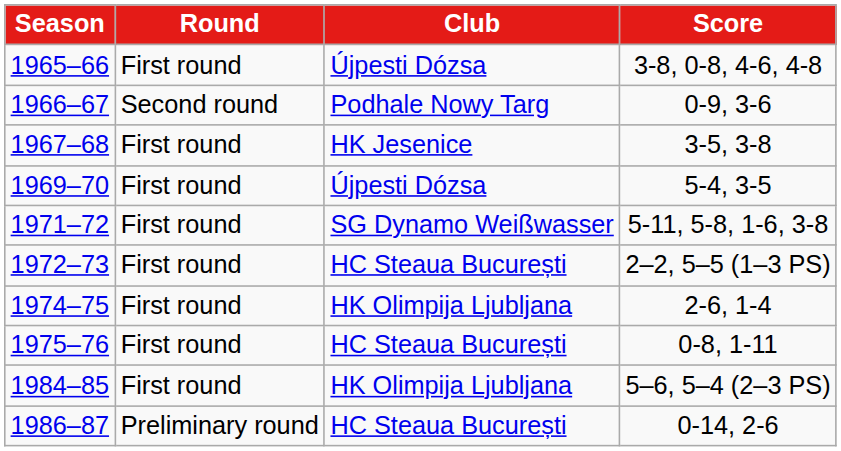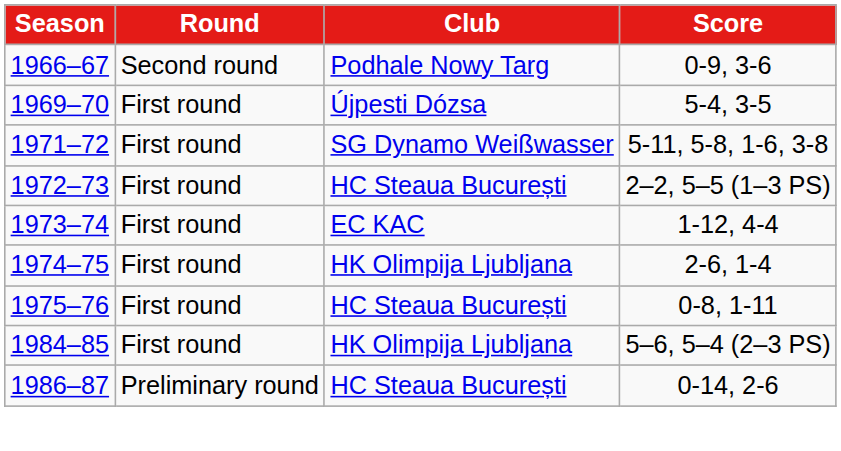 <table class="wikitable">
 <tr>
 <th style="color:white; background:#E41B17;">Season</th>
 <th style="color:white; background:#E41B17;">Round</th>
 <th style="color:white; background:#E41B17;">Club</th>
 <th style="color:white; background:#E41B17;">Score</th>
 </tr>
 <tr>
-<td><a href='#'>1965–66</a></td>
-<td>First round</td>
-<td><a href='#'>Újpesti Dózsa</a></td>
-<td style="text-align:center">3-8, 0-8, 4-6, 4-8</td>
-</tr>
-<tr>
 <td><a href='#'>1966–67</a></td>
 <td>Second round</td>
 <td><a href='#'>Podhale Nowy Targ</a></td>
 <td style="text-align:center">0-9, 3-6</td>
-</tr>
-<tr>
-<td><a href='#'>1967–68</a></td>
-<td>First round</td>
-<td><a href='#'>HK Jesenice</a></td>
-<td style="text-align:center">3-5, 3-8</td>
 </tr>
 <tr>
 <td><a href='#'>1969–70</a></td>
 <td>First round</td>
 <td><a href='#'>Újpesti Dózsa</a></td>
 <td style="text-align:center">5-4, 3-5</td>
 </tr>
 <tr>
 <td><a href='#'>1971–72</a></td>
 <td>First round</td>
 <td><a href='#'>SG Dynamo Weißwasser</a></td>
 <td style="text-align:center">5-11, 5-8, 1-6, 3-8</td>
 </tr>
 <tr>
 <td><a href='#'>1972–73</a></td>
 <td>First round</td>
 <td><a href='#'>HC Steaua București</a></td>
 <td>2–2, 5–5 (1–3 PS)</td>
+</tr>
+<tr>
+<td><a href='#'>1973–74</a></td>
+<td>First round</td>
+<td><a href='#'>EC KAC</a></td>
+<td style="text-align:center">1-12, 4-4</td>
 </tr>
 <tr>
 <td><a href='#'>1974–75</a></td>
 <td>First round</td>
 <td><a href='#'>HK Olimpija Ljubljana</a></td>
 <td style="text-align:center">2-6, 1-4</td>
 </tr>
 <tr>
 <td><a href='#'>1975–76</a></td>
 <td>First round</td>
 <td><a href='#'>HC Steaua București</a></td>
 <td style="text-align:center">0-8, 1-11</td>
 </tr>
 <tr>
 <td><a href='#'>1984–85</a></td>
 <td>First round</td>
 <td><a href='#'>HK Olimpija Ljubljana</a></td>
 <td style="text-align:center">5–6, 5–4 (2–3 PS)</td>
 </tr>
 <tr>
 <td><a href='#'>1986–87</a></td>
 <td>Preliminary round</td>
 <td><a href='#'>HC Steaua București</a></td>
 <td style="text-align:center">0-14, 2-6</td>
 </tr>
 </table>
